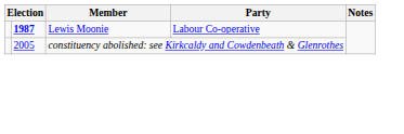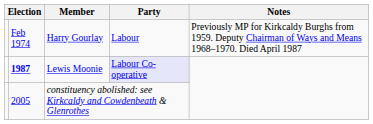 <table class="wikitable">
 <tr>
 <th colspan=2>Election</th>
 <th>Member</th>
 <th>Party</th>
 <th>Notes</th>
 </tr>
 <tr>
 <td style="color:inherit;background-color: "></td>
+<td><a href='#'>Feb 1974</a></td>
+<td><a href='#'>Harry Gourlay</a></td>
+<td><a href='#'>Labour</a></td>
+<td>Previously MP for Kirkcaldy Burghs from 1959. Deputy <a href='#'>Chairman of Ways and Means</a> 1968–1970.  Died April 1987</td>
+</tr>
+<tr>
+<td style="color:inherit;background-color: "></td>
 <td><strong><a href='#'>1987</a></strong></td>
 <td><a href='#'>Lewis Moonie</a></td>
-<td><a href='#'>Labour Co-operative</a></td>
+<td style="background: lavender;"><a href='#'>Labour Co-operative</a></td>
 </tr>
 <tr>
 <td></td>
 <td><a href='#'>2005</a></td>
 <td colspan="2"><em>constituency abolished: see <a href='#'>Kirkcaldy and Cowdenbeath</a> & <a href='#'>Glenrothes</a></em></td>
 </tr>
 </table>
